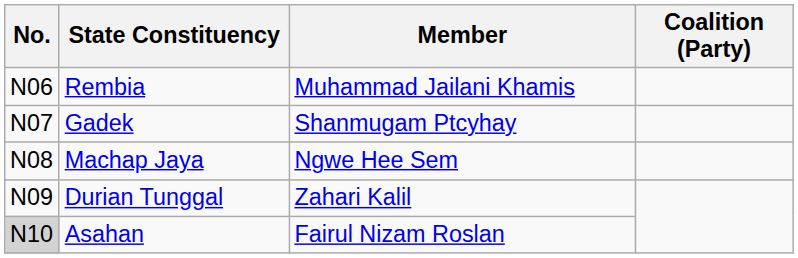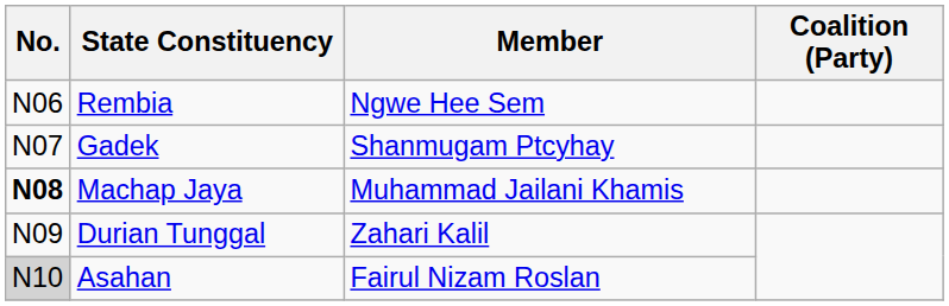 <table class="wikitable">
 <tr>
 <th width="30">No.</th>
 <th width="150">State Constituency</th>
 <th width="230">Member</th>
 <th width="100">Coalition (Party)</th>
 </tr>
 <tr>
 <td>N06</td>
 <td><a href='#'>Rembia</a></td>
-<td><a href='#'>Muhammad Jailani Khamis</a></td>
+<td><a href='#'>Ngwe Hee Sem</a></td>
 <td></td>
 </tr>
 <tr>
 <td>N07</td>
 <td><a href='#'>Gadek</a></td>
 <td><a href='#'>Shanmugam Ptcyhay</a></td>
 <td></td>
 </tr>
 <tr>
-<td>N08</td>
+<td><strong>N08</strong></td>
 <td><a href='#'>Machap Jaya</a></td>
-<td><a href='#'>Ngwe Hee Sem</a></td>
+<td><a href='#'>Muhammad Jailani Khamis</a></td>
 <td></td>
 </tr>
 <tr>
 <td>N09</td>
 <td><a href='#'>Durian Tunggal</a></td>
 <td><a href='#'>Zahari Kalil</a></td>
 <td rowspan="2"></td>
 </tr>
 <tr>
 <td style="background: lightgrey;">N10</td>
 <td><a href='#'>Asahan</a></td>
 <td><a href='#'>Fairul Nizam Roslan</a></td>
 </tr>
 </table>
